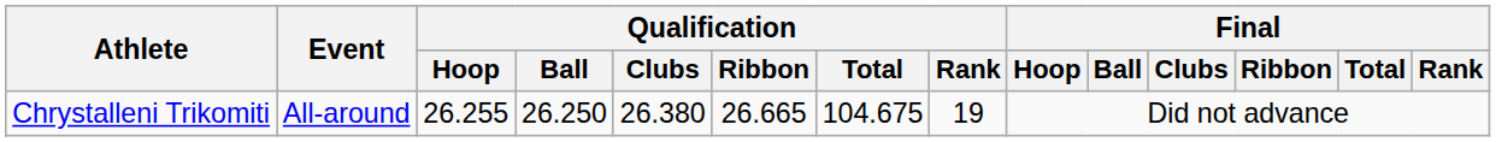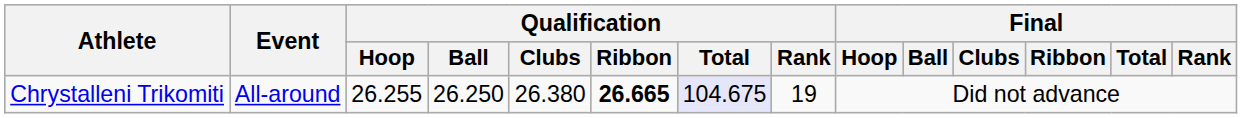 <table class=wikitable style="font-size:90%">
 <tr>
 <th rowspan="2">Athlete</th>
 <th rowspan="2">Event</th>
 <th colspan=6>Qualification</th>
 <th colspan=6>Final</th>
 </tr>
 <tr style="font-size:95%">
 <th>Hoop</th>
 <th>Ball</th>
 <th>Clubs</th>
 <th>Ribbon</th>
 <th>Total</th>
 <th>Rank</th>
 <th>Hoop</th>
 <th>Ball</th>
 <th>Clubs</th>
 <th>Ribbon</th>
 <th>Total</th>
 <th>Rank</th>
 </tr>
 <tr align=center>
 <td align=left><a href='#'>Chrystalleni Trikomiti</a></td>
 <td align=left><a href='#'>All-around</a></td>
 <td>26.255</td>
 <td>26.250</td>
 <td>26.380</td>
-<td>26.665</td>
-<td>104.675</td>
+<td><strong>26.665</strong></td>
+<td style="background: lavender;">104.675</td>
 <td>19</td>
 <td colspan=6>Did not advance</td>
 </tr>
 </table>
